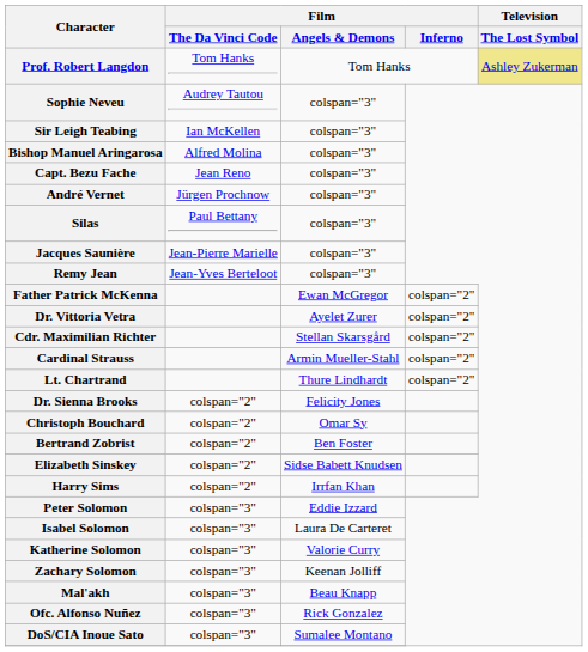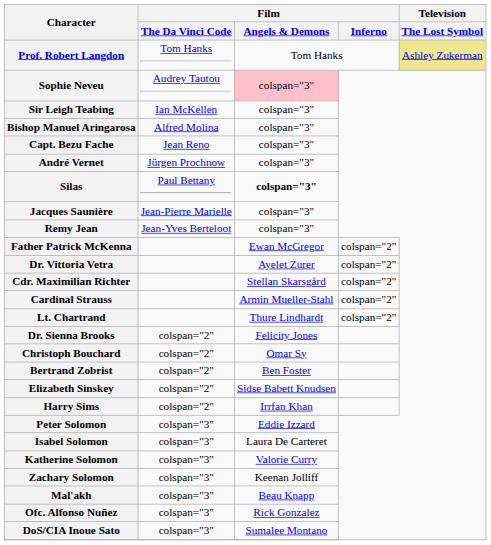 <table class="wikitable plainrowheaders" style="text-align:center;">
 <tr>
 <th rowspan="2">Character</th>
 <th colspan="3">Film</th>
 <th>Television</th>
 </tr>
 <tr>
 <th><a href='#'>The Da Vinci Code</a></th>
 <th><a href='#'>Angels & Demons</a></th>
 <th><a href='#'>Inferno</a></th>
 <th><a href='#'>The Lost Symbol</a></th>
 </tr>
 <tr>
 <th><a href='#'>Prof. Robert Langdon</a></th>
 <td><a href='#'>Tom Hanks</a> <hr></td>
 <td colspan="2">Tom Hanks</td>
 <td style="background: khaki;"><a href='#'>Ashley Zukerman</a></td>
 </tr>
 <tr>
 <th>Sophie Neveu</th>
 <td><a href='#'>Audrey Tautou</a> <hr></td>
-<td>colspan="3" </td>
+<td style="background: pink;">colspan="3" </td>
 </tr>
 <tr>
 <th>Sir Leigh Teabing<br></th>
 <td><a href='#'>Ian McKellen</a></td>
 <td>colspan="3" </td>
 </tr>
 <tr>
 <th>Bishop Manuel Aringarosa</th>
 <td><a href='#'>Alfred Molina</a></td>
 <td>colspan="3" </td>
 </tr>
 <tr>
 <th>Capt. Bezu Fache</th>
 <td><a href='#'>Jean Reno</a></td>
 <td>colspan="3" </td>
 </tr>
 <tr>
 <th>André Vernet</th>
 <td><a href='#'>Jürgen Prochnow</a></td>
 <td>colspan="3" </td>
 </tr>
 <tr>
 <th>Silas</th>
 <td><a href='#'>Paul Bettany</a> <hr></td>
-<td>colspan="3" </td>
+<td><strong>colspan="3" </strong></td>
 </tr>
 <tr>
 <th>Jacques Saunière</th>
 <td><a href='#'>Jean-Pierre Marielle</a></td>
 <td>colspan="3" </td>
 </tr>
 <tr>
 <th>Remy Jean</th>
 <td><a href='#'>Jean-Yves Berteloot</a></td>
 <td>colspan="3" </td>
 </tr>
 <tr>
 <th>Father Patrick McKenna</th>
 <td></td>
 <td><a href='#'>Ewan McGregor</a></td>
 <td>colspan="2" </td>
 </tr>
 <tr>
 <th>Dr. Vittoria Vetra</th>
 <td></td>
 <td><a href='#'>Ayelet Zurer</a></td>
 <td>colspan="2" </td>
 </tr>
 <tr>
 <th>Cdr. Maximilian Richter</th>
 <td></td>
 <td><a href='#'>Stellan Skarsgård</a></td>
 <td>colspan="2" </td>
 </tr>
 <tr>
 <th>Cardinal Strauss</th>
 <td></td>
 <td><a href='#'>Armin Mueller-Stahl</a></td>
 <td>colspan="2" </td>
 </tr>
 <tr>
 <th>Lt. Chartrand</th>
 <td></td>
 <td><a href='#'>Thure Lindhardt</a></td>
 <td>colspan="2" </td>
 </tr>
 <tr>
 <th>Dr. Sienna Brooks</th>
 <td>colspan="2" </td>
 <td><a href='#'>Felicity Jones</a></td>
 <td></td>
 </tr>
 <tr>
 <th>Christoph Bouchard</th>
 <td>colspan="2" </td>
 <td><a href='#'>Omar Sy</a></td>
 <td></td>
 </tr>
 <tr>
 <th>Bertrand Zobrist</th>
 <td>colspan="2" </td>
 <td><a href='#'>Ben Foster</a></td>
 <td></td>
 </tr>
 <tr>
 <th>Elizabeth Sinskey</th>
 <td>colspan="2" </td>
 <td><a href='#'>Sidse Babett Knudsen</a></td>
 <td></td>
 </tr>
 <tr>
 <th>Harry Sims<br></th>
 <td>colspan="2" </td>
 <td><a href='#'>Irrfan Khan</a></td>
 <td></td>
 </tr>
 <tr>
 <th>Peter Solomon</th>
 <td>colspan="3" </td>
 <td><a href='#'>Eddie Izzard</a></td>
 </tr>
 <tr>
 <th>Isabel Solomon</th>
 <td>colspan="3" </td>
 <td>Laura De Carteret</td>
 </tr>
 <tr>
 <th>Katherine Solomon</th>
 <td>colspan="3" </td>
 <td><a href='#'>Valorie Curry</a></td>
 </tr>
 <tr>
 <th>Zachary Solomon</th>
 <td>colspan="3" </td>
 <td>Keenan Jolliff</td>
 </tr>
 <tr>
 <th>Mal'akh</th>
 <td>colspan="3" </td>
 <td><a href='#'>Beau Knapp</a></td>
 </tr>
 <tr>
 <th>Ofc. Alfonso Nuñez</th>
 <td>colspan="3" </td>
 <td><a href='#'>Rick Gonzalez</a></td>
 </tr>
 <tr>
 <th>DoS/CIA Inoue Sato</th>
 <td>colspan="3" </td>
 <td><a href='#'>Sumalee Montano</a></td>
 </tr>
 <tr>
 </tr>
 </table>
